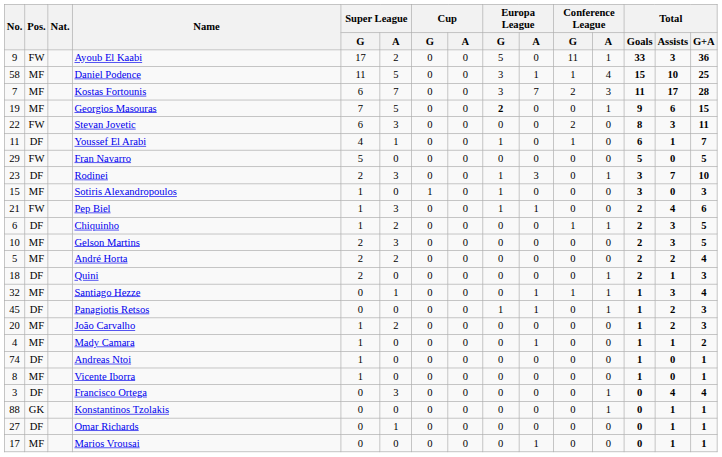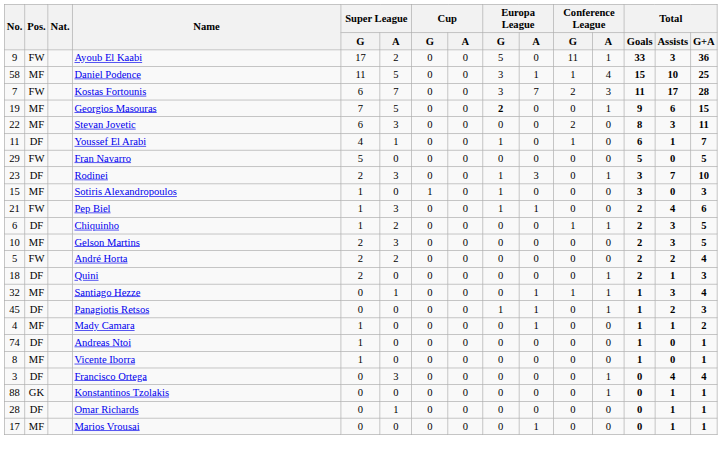 <table class="wikitable sortable" style="text-align:center">
 <tr>
 <th style="text-align:center;" rowspan="2";>No.</th>
 <th style="text-align:center;" rowspan="2";>Pos.</th>
 <th style="text-align:center;" rowspan="2";>Nat.</th>
 <th style="text-align:center; width:400px;" rowspan="2";>Name</th>
 <th style="text-align:center; width:100px;" colspan="2">Super League</th>
 <th style="text-align:center; width:100px;" colspan="2">Cup</th>
 <th style="text-align:center; width:100px;" colspan="2">Europa League</th>
 <th style="text-align:center; width:100px;" colspan="2">Conference League</th>
 <th style="text-align:center; width:100px;" colspan="3">Total</th>
 </tr>
 <tr>
 <th style="text-align:center;">G</th>
 <th style="text-align:center;">A</th>
 <th style="text-align:center;">G</th>
 <th style="text-align:center;">A</th>
 <th style="text-align:center;">G</th>
 <th style="text-align:center;">A</th>
 <th style="text-align:center;">G</th>
 <th style="text-align:center;">A</th>
 <th style="text-align:center;">Goals</th>
 <th style="text-align:center;">Assists</th>
 <th style="text-align:center;">G+A</th>
 </tr>
 <tr>
 <td>9</td>
 <td>FW</td>
 <td></td>
 <td align=left><a href='#'>Ayoub El Kaabi</a></td>
 <td>17</td>
 <td>2</td>
 <td>0</td>
 <td>0</td>
 <td>5</td>
 <td>0</td>
 <td>11</td>
 <td>1</td>
 <td><strong>33</strong></td>
 <td><strong>3</strong></td>
 <td><strong>36</strong></td>
 </tr>
 <tr>
 <td>58</td>
 <td>MF</td>
 <td></td>
 <td align="left"><a href='#'>Daniel Podence</a></td>
 <td>11</td>
 <td>5</td>
 <td>0</td>
 <td>0</td>
 <td>3</td>
 <td>1</td>
 <td>1</td>
 <td>4</td>
 <td><strong>15</strong></td>
 <td><strong>10</strong></td>
 <td><strong>25</strong></td>
 </tr>
 <tr>
 <td>7</td>
-<td>MF</td>
+<td>FW</td>
 <td></td>
 <td align=left><a href='#'>Kostas Fortounis</a></td>
 <td>6</td>
 <td>7</td>
 <td>0</td>
 <td>0</td>
 <td>3</td>
 <td>7</td>
 <td>2</td>
 <td>3</td>
 <td><strong>11</strong></td>
 <td><strong>17</strong></td>
 <td><strong>28</strong></td>
 </tr>
 <tr>
 <td>19</td>
 <td>MF</td>
 <td></td>
 <td align="left"><a href='#'>Georgios Masouras</a></td>
 <td>7</td>
 <td>5</td>
 <td>0</td>
 <td>0</td>
 <td><strong>2</strong></td>
 <td>0</td>
 <td>0</td>
 <td>1</td>
 <td><strong>9</strong></td>
 <td><strong>6</strong></td>
 <td><strong>15</strong></td>
 </tr>
 <tr>
 <td>22</td>
-<td>FW</td>
+<td>MF</td>
 <td></td>
 <td align=left><a href='#'>Stevan Jovetic</a></td>
 <td>6</td>
 <td>3</td>
 <td>0</td>
 <td>0</td>
 <td>0</td>
 <td>0</td>
 <td>2</td>
 <td>0</td>
 <td><strong>8</strong></td>
 <td><strong>3</strong></td>
 <td><strong>11</strong></td>
 </tr>
 <tr>
 <td>11</td>
 <td>DF</td>
 <td></td>
 <td align=left><a href='#'>Youssef El Arabi</a></td>
 <td>4</td>
 <td>1</td>
 <td>0</td>
 <td>0</td>
 <td>1</td>
 <td>0</td>
 <td>1</td>
 <td>0</td>
 <td><strong>6</strong></td>
 <td><strong>1</strong></td>
 <td><strong>7</strong></td>
 </tr>
 <tr>
 <td>29</td>
 <td>FW</td>
 <td></td>
 <td align=left><a href='#'>Fran Navarro</a></td>
 <td>5</td>
 <td>0</td>
 <td>0</td>
 <td>0</td>
 <td>0</td>
 <td>0</td>
 <td>0</td>
 <td>0</td>
 <td><strong>5</strong></td>
 <td><strong>0</strong></td>
 <td><strong>5</strong></td>
 </tr>
 <tr>
 <td>23</td>
 <td>DF</td>
 <td></td>
 <td align=left><a href='#'>Rodinei</a></td>
 <td>2</td>
 <td>3</td>
 <td>0</td>
 <td>0</td>
 <td>1</td>
 <td>3</td>
 <td>0</td>
 <td>1</td>
 <td><strong>3</strong></td>
 <td><strong>7</strong></td>
 <td><strong>10</strong></td>
 </tr>
 <tr>
 <td>15</td>
 <td>MF</td>
 <td></td>
 <td align=left><a href='#'>Sotiris Alexandropoulos</a></td>
 <td>1</td>
 <td>0</td>
 <td>1</td>
 <td>0</td>
 <td>1</td>
 <td>0</td>
 <td>0</td>
 <td>0</td>
 <td><strong>3</strong></td>
 <td><strong>0</strong></td>
 <td><strong>3</strong></td>
 </tr>
 <tr>
 <td>21</td>
 <td>FW</td>
 <td></td>
 <td align=left><a href='#'>Pep Biel</a></td>
 <td>1</td>
 <td>3</td>
 <td>0</td>
 <td>0</td>
 <td>1</td>
 <td>1</td>
 <td>0</td>
 <td>0</td>
 <td><strong>2</strong></td>
 <td><strong>4</strong></td>
 <td><strong>6</strong></td>
 </tr>
 <tr>
 <td>6</td>
 <td>DF</td>
 <td></td>
 <td align=left><a href='#'>Chiquinho</a></td>
 <td>1</td>
 <td>2</td>
 <td>0</td>
 <td>0</td>
 <td>0</td>
 <td>0</td>
 <td>1</td>
 <td>1</td>
 <td><strong>2</strong></td>
 <td><strong>3</strong></td>
 <td><strong>5</strong></td>
 </tr>
 <tr>
 <td>10</td>
 <td>MF</td>
 <td></td>
 <td align=left><a href='#'>Gelson Martins</a></td>
 <td>2</td>
 <td>3</td>
 <td>0</td>
 <td>0</td>
 <td>0</td>
 <td>0</td>
 <td>0</td>
 <td>0</td>
 <td><strong>2</strong></td>
 <td><strong>3</strong></td>
 <td><strong>5</strong></td>
 </tr>
 <tr>
 <td>5</td>
-<td>MF</td>
+<td>FW</td>
 <td></td>
 <td align=left><a href='#'>André Horta</a></td>
 <td>2</td>
 <td>2</td>
 <td>0</td>
 <td>0</td>
 <td>0</td>
 <td>0</td>
 <td>0</td>
 <td>0</td>
 <td><strong>2</strong></td>
 <td><strong>2</strong></td>
 <td><strong>4</strong></td>
 </tr>
 <tr>
 <td>18</td>
 <td>DF</td>
 <td></td>
 <td align=left><a href='#'>Quini</a></td>
 <td>2</td>
 <td>0</td>
 <td>0</td>
 <td>0</td>
 <td>0</td>
 <td>0</td>
 <td>0</td>
 <td>1</td>
 <td><strong>2</strong></td>
 <td><strong>1</strong></td>
 <td><strong>3</strong></td>
 </tr>
 <tr>
 <td>32</td>
 <td>MF</td>
 <td></td>
 <td align=left><a href='#'>Santiago Hezze</a></td>
 <td>0</td>
 <td>1</td>
 <td>0</td>
 <td>0</td>
 <td>0</td>
 <td>1</td>
 <td>1</td>
 <td>1</td>
 <td><strong>1</strong></td>
 <td><strong>3</strong></td>
 <td><strong>4</strong></td>
 </tr>
 <tr>
 <td>45</td>
 <td>DF</td>
 <td></td>
 <td align=left><a href='#'>Panagiotis Retsos</a></td>
 <td>0</td>
 <td>0</td>
 <td>0</td>
 <td>0</td>
 <td>1</td>
 <td>1</td>
 <td>0</td>
 <td>1</td>
-<td><strong>1</strong></td>
-<td><strong>2</strong></td>
-<td><strong>3</strong></td>
-</tr>
-<tr>
-<td>20</td>
-<td>MF</td>
-<td></td>
-<td align=left><a href='#'>João Carvalho</a></td>
-<td>1</td>
-<td>2</td>
-<td>0</td>
-<td>0</td>
-<td>0</td>
-<td>0</td>
-<td>0</td>
-<td>0</td>
 <td><strong>1</strong></td>
 <td><strong>2</strong></td>
 <td><strong>3</strong></td>
 </tr>
 <tr>
 <td>4</td>
 <td>MF</td>
 <td></td>
 <td align=left><a href='#'>Mady Camara</a></td>
 <td>1</td>
 <td>0</td>
 <td>0</td>
 <td>0</td>
 <td>0</td>
 <td>1</td>
 <td>0</td>
 <td>0</td>
 <td><strong>1</strong></td>
 <td><strong>1</strong></td>
 <td><strong>2</strong></td>
 </tr>
 <tr>
 <td>74</td>
 <td>DF</td>
 <td></td>
 <td align=left><a href='#'>Andreas Ntoi</a></td>
 <td>1</td>
 <td>0</td>
 <td>0</td>
 <td>0</td>
 <td>0</td>
 <td>0</td>
 <td>0</td>
 <td>0</td>
 <td><strong>1</strong></td>
 <td><strong>0</strong></td>
 <td><strong>1</strong></td>
 </tr>
 <tr>
 <td>8</td>
 <td>MF</td>
 <td></td>
 <td align=left><a href='#'>Vicente Iborra</a></td>
 <td>1</td>
 <td>0</td>
 <td>0</td>
 <td>0</td>
 <td>0</td>
 <td>0</td>
 <td>0</td>
 <td>0</td>
 <td><strong>1</strong></td>
 <td><strong>0</strong></td>
 <td><strong>1</strong></td>
 </tr>
 <tr>
 <td>3</td>
 <td>DF</td>
 <td></td>
 <td align=left><a href='#'>Francisco Ortega</a></td>
 <td>0</td>
 <td>3</td>
 <td>0</td>
 <td>0</td>
 <td>0</td>
 <td>0</td>
 <td>0</td>
 <td>1</td>
 <td><strong>0</strong></td>
 <td><strong>4</strong></td>
 <td><strong>4</strong></td>
 </tr>
 <tr>
 <td>88</td>
 <td>GK</td>
 <td></td>
 <td align=left><a href='#'>Konstantinos Tzolakis</a></td>
 <td>0</td>
 <td>0</td>
 <td>0</td>
 <td>0</td>
 <td>0</td>
 <td>0</td>
 <td>0</td>
 <td>1</td>
 <td><strong>0</strong></td>
 <td><strong>1</strong></td>
 <td><strong>1</strong></td>
 </tr>
 <tr>
-<td>27</td>
+<td>28</td>
 <td>DF</td>
 <td></td>
 <td align=left><a href='#'>Omar Richards</a></td>
 <td>0</td>
 <td>1</td>
 <td>0</td>
 <td>0</td>
 <td>0</td>
 <td>0</td>
 <td>0</td>
 <td>0</td>
 <td><strong>0</strong></td>
 <td><strong>1</strong></td>
 <td><strong>1</strong></td>
 </tr>
 <tr>
 <td>17</td>
 <td>MF</td>
 <td></td>
 <td align=left><a href='#'>Marios Vrousai</a></td>
 <td>0</td>
 <td>0</td>
 <td>0</td>
 <td>0</td>
 <td>0</td>
 <td>1</td>
 <td>0</td>
 <td>0</td>
 <td><strong>0</strong></td>
 <td><strong>1</strong></td>
 <td><strong>1</strong></td>
 </tr>
 </table>
